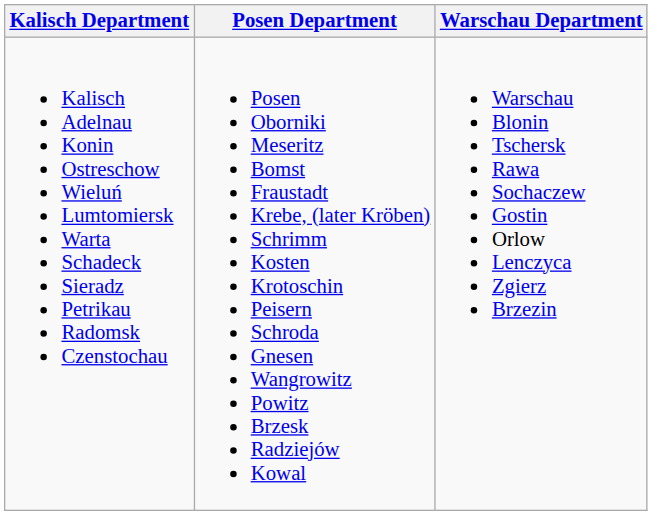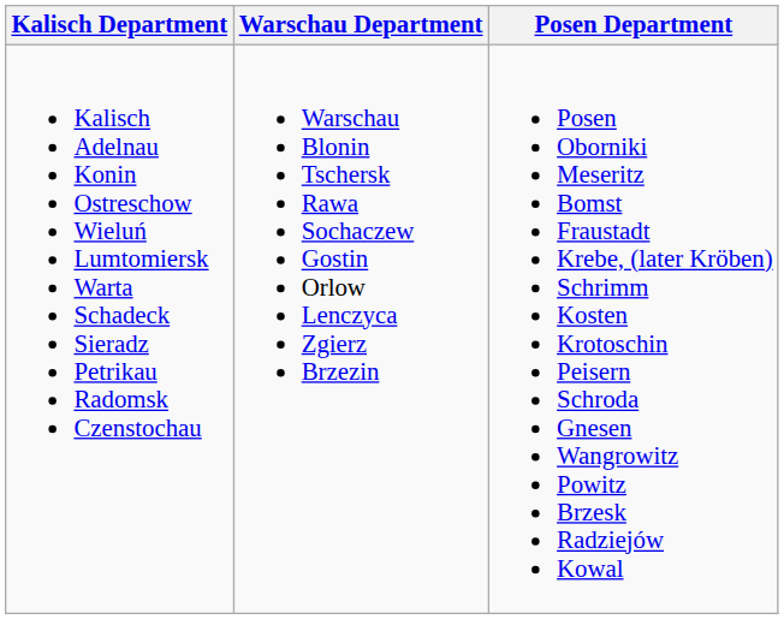 <table class="wikitable">
 <tr>
 <th><a href='#'>Kalisch Department</a></th>
+<th><a href='#'>Warschau Department</a></th>
 <th><a href='#'>Posen Department</a></th>
-<th><a href='#'>Warschau Department</a></th>
 </tr>
 <tr style="vertical-align: top;">
 <td><br><ul><li><a href='#'>Kalisch</a></li><li><a href='#'>Adelnau</a></li><li><a href='#'>Konin</a></li><li><a href='#'>Ostreschow</a></li><li><a href='#'>Wieluń</a></li><li><a href='#'>Lumtomiersk</a></li><li><a href='#'>Warta</a></li><li><a href='#'>Schadeck</a></li><li><a href='#'>Sieradz</a></li><li><a href='#'>Petrikau</a></li><li><a href='#'>Radomsk</a></li><li><a href='#'>Czenstochau</a></li></ul></td>
+<td><br><ul><li><a href='#'>Warschau</a></li><li><a href='#'>Blonin</a></li><li><a href='#'>Tschersk</a></li><li><a href='#'>Rawa</a></li><li><a href='#'>Sochaczew</a></li><li><a href='#'>Gostin</a></li><li>Orlow</li><li><a href='#'>Lenczyca</a></li><li><a href='#'>Zgierz</a></li><li><a href='#'>Brzezin</a></li></ul></td>
 <td><br><ul><li><a href='#'>Posen</a></li><li><a href='#'>Oborniki</a></li><li><a href='#'>Meseritz</a></li><li><a href='#'>Bomst</a></li><li><a href='#'>Fraustadt</a></li><li><a href='#'>Krebe, (later Kröben)</a></li><li><a href='#'>Schrimm</a></li><li><a href='#'>Kosten</a></li><li><a href='#'>Krotoschin</a></li><li><a href='#'>Peisern</a></li><li><a href='#'>Schroda</a></li><li><a href='#'>Gnesen</a></li><li><a href='#'>Wangrowitz</a></li><li><a href='#'>Powitz</a></li><li><a href='#'>Brzesk</a></li><li><a href='#'>Radziejów</a></li><li><a href='#'>Kowal</a></li></ul></td>
-<td><br><ul><li><a href='#'>Warschau</a></li><li><a href='#'>Blonin</a></li><li><a href='#'>Tschersk</a></li><li><a href='#'>Rawa</a></li><li><a href='#'>Sochaczew</a></li><li><a href='#'>Gostin</a></li><li>Orlow</li><li><a href='#'>Lenczyca</a></li><li><a href='#'>Zgierz</a></li><li><a href='#'>Brzezin</a></li></ul></td>
 </tr>
 </table>
